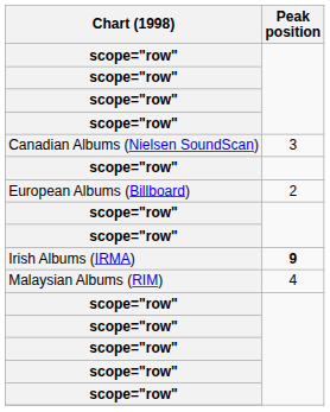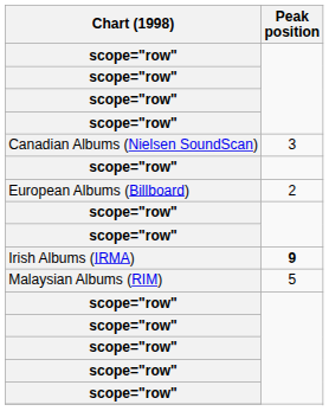 <table class="wikitable sortable plainrowheaders">
 <tr>
 <th>Chart (1998)</th>
 <th>Peak<br>position</th>
 </tr>
 <tr>
 <th>scope="row"</th>
 </tr>
 <tr>
 <th>scope="row"</th>
 </tr>
 <tr>
 <th>scope="row"</th>
 </tr>
 <tr>
 <th>scope="row"</th>
 </tr>
 <tr>
 <td bgcolor="#F2F2F2">Canadian Albums (<a href='#'>Nielsen SoundScan</a>)</td>
 <td align="center">3</td>
 </tr>
 <tr>
 <th>scope="row"</th>
 </tr>
 <tr>
 <td bgcolor="#F2F2F2">European Albums (<a href='#'>Billboard</a>)</td>
 <td align="center">2</td>
 </tr>
 <tr>
 <th>scope="row"</th>
 </tr>
 <tr>
 <th>scope="row"</th>
 </tr>
 <tr>
 <td bgcolor="#F2F2F2">Irish Albums (<a href='#'>IRMA</a>)</td>
 <td align="center"><strong>9</strong></td>
 </tr>
 <tr>
 <td bgcolor="#F2F2F2">Malaysian Albums (<a href='#'>RIM</a>)</td>
-<td align="center">4</td>
+<td align="center">5</td>
 </tr>
 <tr>
 <th>scope="row"</th>
 </tr>
 <tr>
 <th>scope="row"</th>
 </tr>
 <tr>
 <th>scope="row"</th>
 </tr>
 <tr>
 <th>scope="row"</th>
 </tr>
 <tr>
 <th>scope="row"</th>
 </tr>
 <tr>
 </tr>
 </table>
